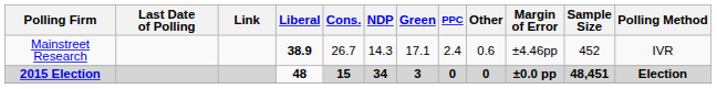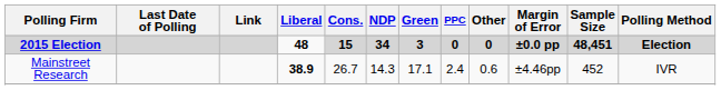 <table class="wikitable sortable" style="text-align:center;font-size:90%;line-height:14px;">
 <tr style="background:#e9e9e9;">
 <th style="width:120px">Polling Firm</th>
 <th style="width:110px">Last Date<br>of Polling</th>
 <th style="width:60px" class="unsortable">Link</th>
 <th style="background-color:"><strong><a href='#'>Liberal</a></strong></th>
 <th style="background-color:"><strong><a href='#'>Cons.</a></strong></th>
 <th style="background-color:"><strong><a href='#'>NDP</a></strong></th>
 <th style="background-color:"><strong><a href='#'>Green</a></strong></th>
 <th style="background-color:"><strong><small><a href='#'>PPC</a></small></strong></th>
 <th style="background-color:"><strong>Other</strong></th>
 <th style="width:60px;" class=unsortable>Margin<br>of Error</th>
 <th style="width:50px;" class=unsortable>Sample<br>Size</th>
 <th class=unsortable>Polling Method</th>
 </tr>
 <tr>
+<td style="background:#D5D5D5"><strong><a href='#'>2015 Election</a></strong></td>
+<td style="background:#D5D5D5"><strong></strong></td>
+<td style="background:#D5D5D5"></td>
+<td><strong>48</strong></td>
+<td style="background:#D5D5D5"><strong>15</strong></td>
+<td style="background:#D5D5D5"><strong>34</strong></td>
+<td style="background:#D5D5D5"><strong>3</strong></td>
+<td style="background:#D5D5D5"><strong>0</strong></td>
+<td style="background:#D5D5D5"><strong>0</strong></td>
+<td style="background:#D5D5D5"><strong>±0.0 pp</strong></td>
+<td style="background:#D5D5D5"><strong>48,451</strong></td>
+<td style="background:#D5D5D5"><strong>Election</strong></td>
+</tr>
+<tr>
 <td><a href='#'>Mainstreet Research</a></td>
 <td></td>
 <td></td>
 <td><strong>38.9</strong></td>
 <td>26.7</td>
 <td>14.3</td>
 <td>17.1</td>
 <td>2.4</td>
 <td>0.6</td>
 <td>±4.46pp</td>
 <td>452</td>
 <td>IVR</td>
 </tr>
 <tr>
-<td style="background:#D5D5D5"><strong><a href='#'>2015 Election</a></strong></td>
-<td style="background:#D5D5D5"><strong></strong></td>
-<td style="background:#D5D5D5"></td>
-<td><strong>48</strong></td>
-<td style="background:#D5D5D5"><strong>15</strong></td>
-<td style="background:#D5D5D5"><strong>34</strong></td>
-<td style="background:#D5D5D5"><strong>3</strong></td>
-<td style="background:#D5D5D5"><strong>0</strong></td>
-<td style="background:#D5D5D5"><strong>0</strong></td>
-<td style="background:#D5D5D5"><strong>±0.0 pp</strong></td>
-<td style="background:#D5D5D5"><strong>48,451</strong></td>
-<td style="background:#D5D5D5"><strong>Election</strong></td>
-</tr>
-<tr>
 </tr>
 <tr>
 </tr>
 </table>
